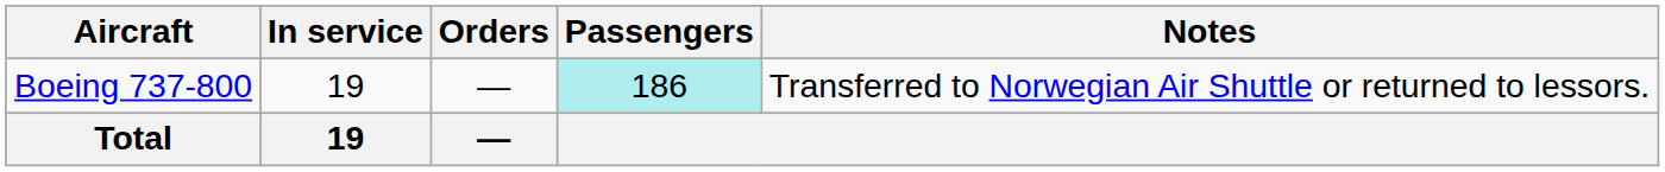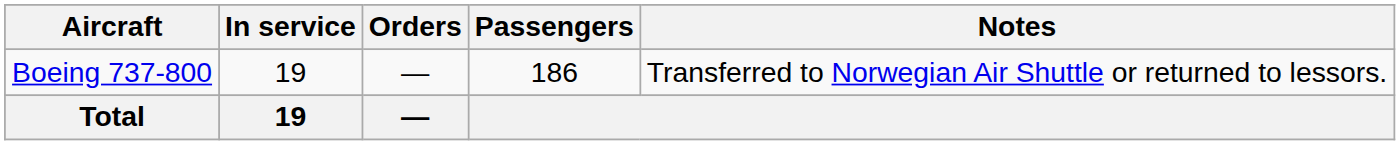 <table class="wikitable" style="margin:auto;border-collapse:collapse;text-align:center">
 <tr>
 <th>Aircraft</th>
 <th>In service</th>
 <th>Orders</th>
 <th>Passengers</th>
 <th>Notes</th>
 </tr>
 <tr>
 <td><a href='#'>Boeing 737-800</a></td>
 <td>19</td>
 <td>—</td>
-<td style="background: paleturquoise;">186</td>
+<td>186</td>
 <td>Transferred to <a href='#'>Norwegian Air Shuttle</a> or returned to lessors.</td>
 </tr>
 <tr>
 <th>Total</th>
 <th>19</th>
 <th>—</th>
 <th colspan="2"></th>
 </tr>
 </table>
